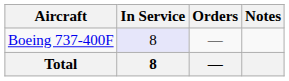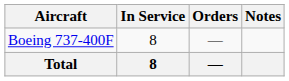 <table class="wikitable" style="border-collapse:collapse;text-align:center;margin:auto;">
 <tr>
 <th>Aircraft</th>
 <th>In Service</th>
 <th>Orders</th>
 <th>Notes</th>
 </tr>
 <tr>
 <td><a href='#'>Boeing 737-400F</a></td>
-<td style="background: lavender;">8</td>
+<td>8</td>
 <td>—</td>
 <td></td>
 </tr>
 <tr>
 <th>Total</th>
 <th>8</th>
 <th>—</th>
 <th colspan="2"></th>
 </tr>
 </table>
